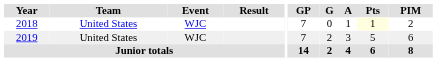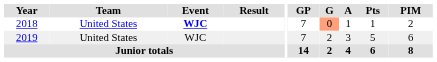 <table border="0" cellpadding="1" cellspacing="0" ID="Table3" style="text-align:center; width:40em">
 <tr ALIGN="center" bgcolor="#e0e0e0">
 <th>Year</th>
 <th>Team</th>
 <th>Event</th>
 <th>Result</th>
 <th rowspan="99" bgcolor="#ffffff"></th>
 <th>GP</th>
 <th>G</th>
 <th>A</th>
 <th>Pts</th>
 <th>PIM</th>
 </tr>
 <tr>
 <td><a href='#'>2018</a></td>
 <td><a href='#'>United States</a></td>
-<td><a href='#'>WJC</a></td>
+<td><strong><a href='#'>WJC</a></strong></td>
 <td></td>
 <td>7</td>
-<td>0</td>
+<td style="background: lightsalmon;">0</td>
 <td>1</td>
-<td style="background: lightyellow;">1</td>
+<td>1</td>
 <td>2</td>
 </tr>
 <tr bgcolor="#f0f0f0">
 <td><a href='#'>2019</a></td>
 <td>United States</td>
 <td>WJC</td>
 <td></td>
 <td>7</td>
 <td>2</td>
 <td>3</td>
 <td>5</td>
 <td>6</td>
 </tr>
 <tr bgcolor="#e0e0e0">
 <th colspan="4">Junior totals</th>
 <th>14</th>
 <th>2</th>
 <th>4</th>
 <th>6</th>
 <th>8</th>
 </tr>
 </table>
